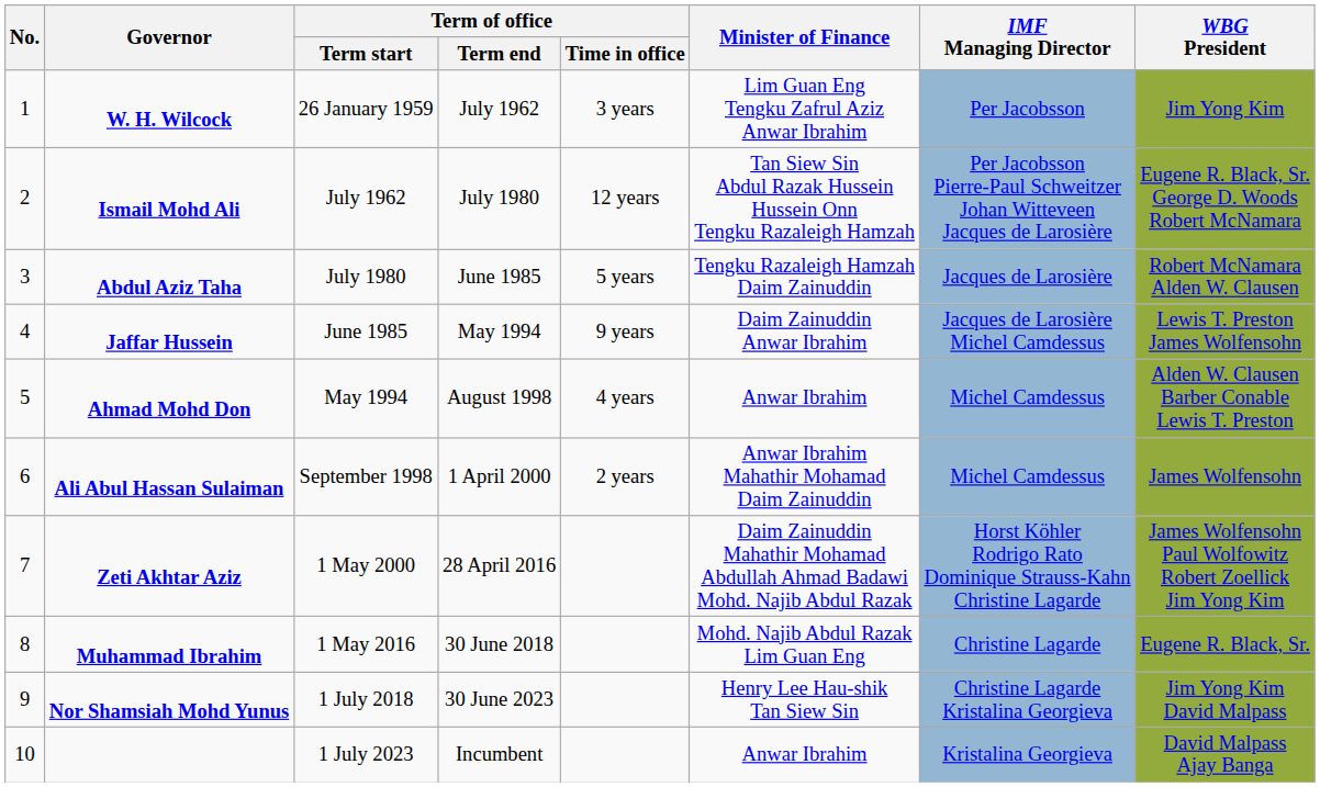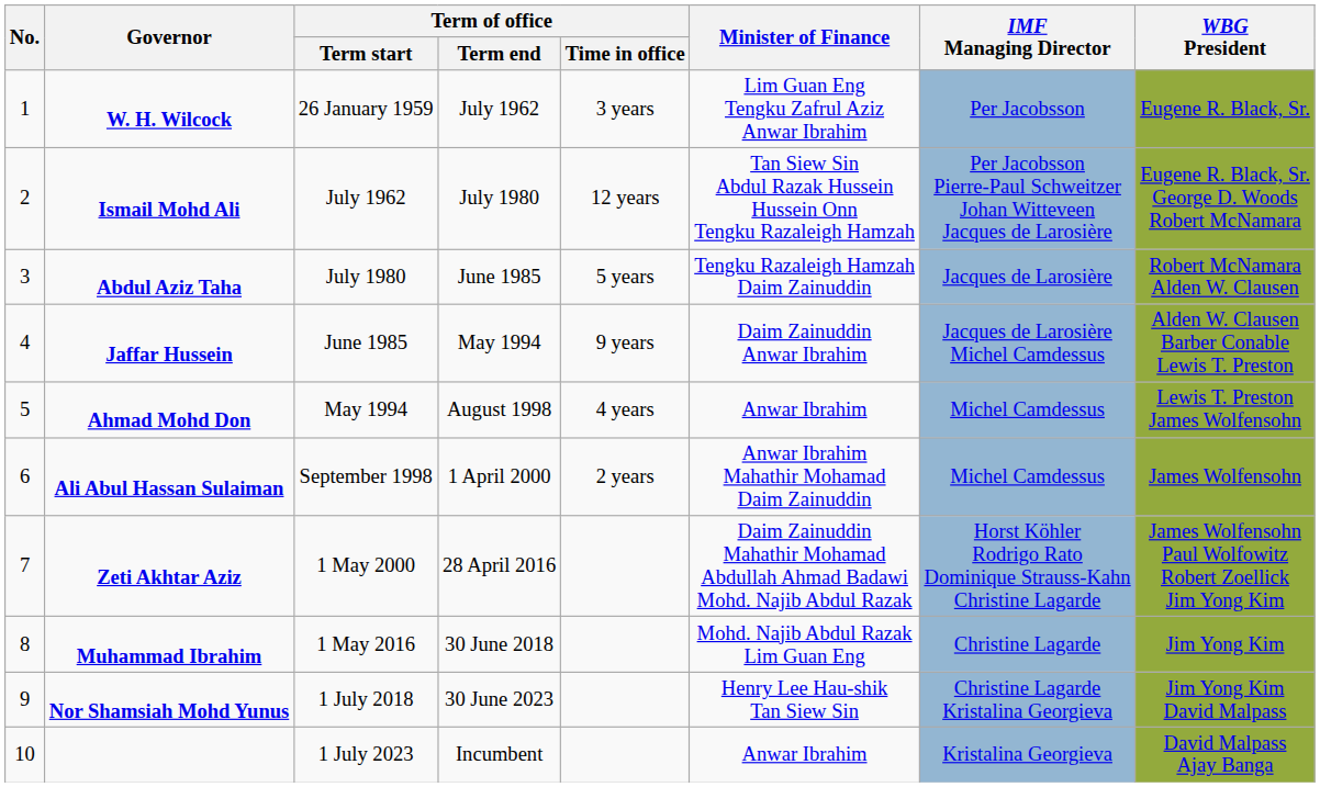 <table class="wikitable" style="text-align:center;">
 <tr>
 <th rowspan=2>No.</th>
 <th rowspan=2>Governor</th>
 <th colspan=3>Term of office</th>
 <th rowspan=2><a href='#'>Minister of Finance</a></th>
 <th rowspan=2><em><a href='#'>IMF</a></em> <br> Managing Director</th>
 <th rowspan=2><em><a href='#'>WBG</a></em> <br> President</th>
 </tr>
 <tr>
 <th>Term start</th>
 <th>Term end</th>
 <th>Time in office</th>
 </tr>
 <tr style="text-align:center;">
 <td>1</td>
 <td><br><strong><a href='#'>W. H. Wilcock</a></strong><br></td>
 <td>26 January 1959</td>
 <td>July 1962</td>
 <td>3 years</td>
 <td><a href='#'>Lim Guan Eng</a> <br> <a href='#'>Tengku Zafrul Aziz</a> <br> <a href='#'>Anwar Ibrahim</a></td>
 <td style="text-align:center; background:#93B6D2;"><a href='#'>Per Jacobsson</a></td>
-<td style="text-align:center; background:#93AA3D;"><a href='#'>Jim Yong Kim</a></td>
+<td style="text-align:center; background:#93AA3D;"><a href='#'>Eugene R. Black, Sr.</a></td>
 </tr>
 <tr style="text-align:center;">
 <td>2</td>
 <td><br><strong><a href='#'>Ismail Mohd Ali</a></strong><br></td>
 <td>July 1962</td>
 <td>July 1980</td>
 <td>12 years</td>
 <td><a href='#'>Tan Siew Sin</a> <br> <a href='#'>Abdul Razak Hussein</a> <br> <a href='#'>Hussein Onn</a> <br> <a href='#'>Tengku Razaleigh Hamzah</a></td>
 <td style="text-align:center; background:#93B6D2;"><a href='#'>Per Jacobsson</a> <br> <a href='#'>Pierre-Paul Schweitzer</a> <br> <a href='#'>Johan Witteveen</a> <br> <a href='#'>Jacques de Larosière</a></td>
 <td style="text-align:center; background:#93AA3D;"><a href='#'>Eugene R. Black, Sr.</a> <br> <a href='#'>George D. Woods</a> <br> <a href='#'>Robert McNamara</a></td>
 </tr>
 <tr style="text-align:center;">
 <td>3</td>
 <td><br><strong><a href='#'>Abdul Aziz Taha</a></strong><br></td>
 <td>July 1980</td>
 <td>June 1985</td>
 <td>5 years</td>
 <td><a href='#'>Tengku Razaleigh Hamzah</a> <br> <a href='#'>Daim Zainuddin</a></td>
 <td style="text-align:center; background:#93B6D2;"><a href='#'>Jacques de Larosière</a></td>
 <td style="text-align:center; background:#93AA3D;"><a href='#'>Robert McNamara</a> <br> <a href='#'>Alden W. Clausen</a></td>
 </tr>
 <tr style="text-align:center;">
 <td>4</td>
 <td><br><strong><a href='#'>Jaffar Hussein</a></strong><br></td>
 <td>June 1985</td>
 <td>May 1994</td>
 <td>9 years</td>
 <td><a href='#'>Daim Zainuddin</a> <br> <a href='#'>Anwar Ibrahim</a></td>
 <td style="text-align:center; background:#93B6D2;"><a href='#'>Jacques de Larosière</a> <br> <a href='#'>Michel Camdessus</a></td>
-<td style="text-align:center; background:#93AA3D;"><a href='#'>Lewis T. Preston</a> <br> <a href='#'>James Wolfensohn</a></td>
+<td style="text-align:center; background:#93AA3D;"><a href='#'>Alden W. Clausen</a> <br> <a href='#'>Barber Conable</a> <br> <a href='#'>Lewis T. Preston</a></td>
 </tr>
 <tr style="text-align:center;">
 <td>5</td>
 <td><br><strong><a href='#'>Ahmad Mohd Don</a></strong><br></td>
 <td>May 1994</td>
 <td>August 1998</td>
 <td>4 years</td>
 <td><a href='#'>Anwar Ibrahim</a></td>
 <td style="text-align:center; background:#93B6D2;"><a href='#'>Michel Camdessus</a></td>
-<td style="text-align:center; background:#93AA3D;"><a href='#'>Alden W. Clausen</a> <br> <a href='#'>Barber Conable</a> <br> <a href='#'>Lewis T. Preston</a></td>
+<td style="text-align:center; background:#93AA3D;"><a href='#'>Lewis T. Preston</a> <br> <a href='#'>James Wolfensohn</a></td>
 </tr>
 <tr style="text-align:center;">
 <td>6</td>
 <td><br><strong><a href='#'>Ali Abul Hassan Sulaiman</a></strong><br></td>
 <td>September 1998</td>
 <td>1 April 2000</td>
 <td>2 years</td>
 <td><a href='#'>Anwar Ibrahim</a> <br> <a href='#'>Mahathir Mohamad</a> <br> <a href='#'>Daim Zainuddin</a></td>
 <td style="text-align:center; background:#93B6D2;"><a href='#'>Michel Camdessus</a></td>
 <td style="text-align:center; background:#93AA3D;"><a href='#'>James Wolfensohn</a></td>
 </tr>
 <tr style="text-align:center;">
 <td>7</td>
 <td><br><strong><a href='#'>Zeti Akhtar Aziz</a></strong><br></td>
 <td>1 May 2000</td>
 <td>28 April 2016</td>
 <td></td>
 <td><a href='#'>Daim Zainuddin</a> <br> <a href='#'>Mahathir Mohamad</a> <br> <a href='#'>Abdullah Ahmad Badawi</a> <br> <a href='#'>Mohd. Najib Abdul Razak</a></td>
 <td style="text-align:center; background:#93B6D2;"><a href='#'>Horst Köhler</a> <br> <a href='#'>Rodrigo Rato</a> <br> <a href='#'>Dominique Strauss-Kahn</a> <br> <a href='#'>Christine Lagarde</a></td>
 <td style="text-align:center; background:#93AA3D;"><a href='#'>James Wolfensohn</a> <br> <a href='#'>Paul Wolfowitz</a> <br> <a href='#'>Robert Zoellick</a> <br> <a href='#'>Jim Yong Kim</a></td>
 </tr>
 <tr style="text-align:center;">
 <td>8</td>
 <td><br><strong><a href='#'>Muhammad Ibrahim</a></strong><br></td>
 <td>1 May 2016</td>
 <td>30 June 2018</td>
 <td></td>
 <td><a href='#'>Mohd. Najib Abdul Razak</a> <br> <a href='#'>Lim Guan Eng</a></td>
 <td style="text-align:center; background:#93B6D2;"><a href='#'>Christine Lagarde</a></td>
-<td style="text-align:center; background:#93AA3D;"><a href='#'>Eugene R. Black, Sr.</a></td>
+<td style="text-align:center; background:#93AA3D;"><a href='#'>Jim Yong Kim</a></td>
 </tr>
 <tr style="text-align:center;">
 <td>9</td>
 <td><br><strong><a href='#'>Nor Shamsiah Mohd Yunus</a></strong><br></td>
 <td>1 July 2018</td>
 <td>30 June 2023</td>
 <td></td>
 <td><a href='#'>Henry Lee Hau-shik</a> <br> <a href='#'>Tan Siew Sin</a></td>
 <td style="text-align:center; background:#93B6D2;"><a href='#'>Christine Lagarde</a> <br> <a href='#'>Kristalina Georgieva</a></td>
 <td style="text-align:center; background:#93AA3D;"><a href='#'>Jim Yong Kim</a> <br> <a href='#'>David Malpass</a></td>
 </tr>
 <tr>
 <td>10</td>
 <td><br><strong></strong><br></td>
 <td>1 July 2023</td>
 <td>Incumbent</td>
 <td></td>
 <td><a href='#'>Anwar Ibrahim</a></td>
 <td style="text-align:center; background:#93B6D2;"><a href='#'>Kristalina Georgieva</a></td>
 <td style="text-align:center; background:#93AA3D;"><a href='#'>David Malpass</a> <br> <a href='#'>Ajay Banga</a></td>
 </tr>
 </table>
